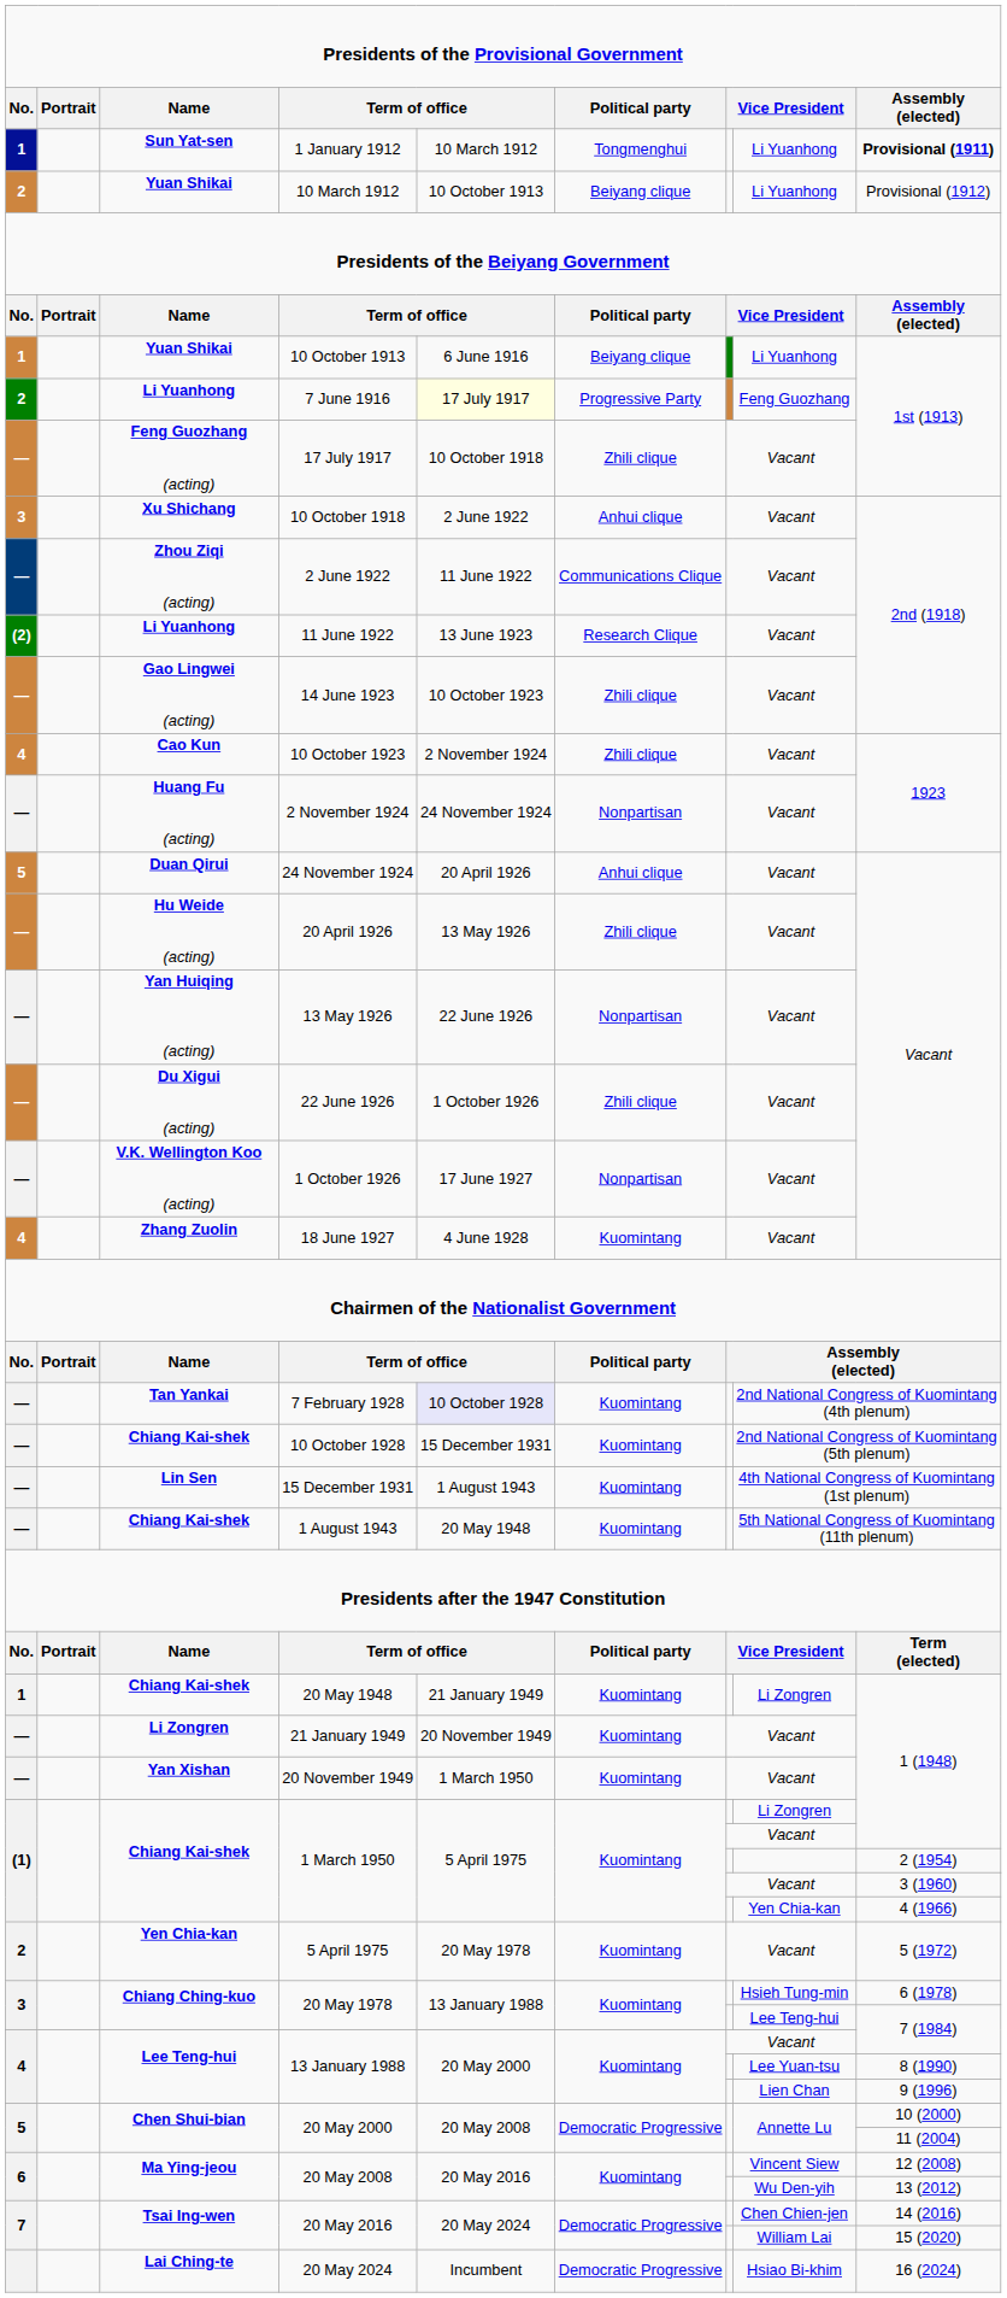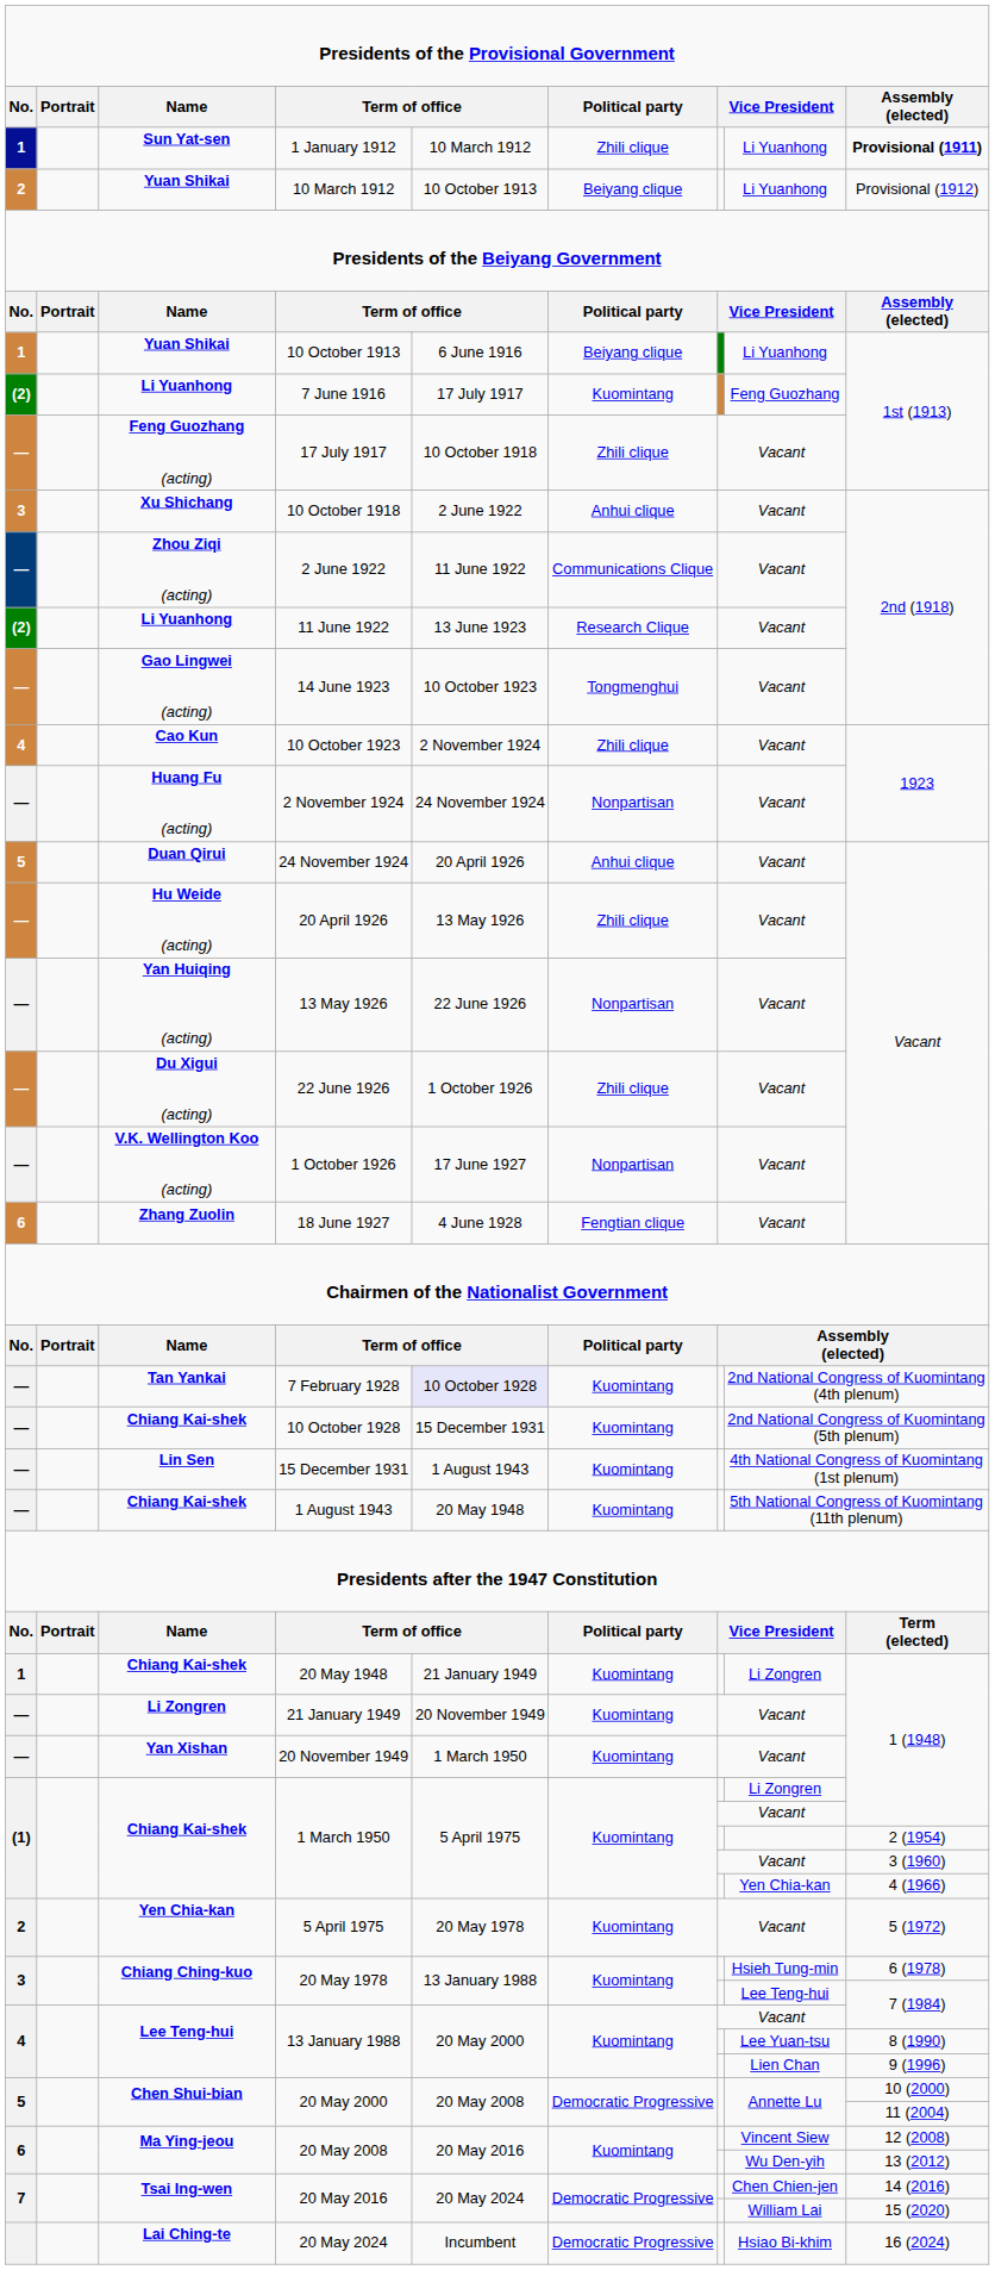 <table class="wikitable" style="margin:1em auto; text-align:center">
 <tr>
 <td colspan=9><br><h3>Presidents of the <a href='#'>Provisional Government</a></h3></td>
 </tr>
 <tr>
 <th>No.</th>
 <th>Portrait</th>
 <th width=18%>Name<br></th>
 <th colspan=2>Term of office</th>
 <th>Political party</th>
 <th colspan=2><a href='#'>Vice President</a></th>
 <th>Assembly<br>(elected)</th>
 </tr>
 <tr>
 <th style="background:#031096; color:white;">1</th>
 <td></td>
 <td align=center><strong><a href='#'>Sun Yat-sen</a></strong><br><br></td>
 <td>1 January 1912</td>
 <td>10 March 1912</td>
-<td><a href='#'>Tongmenghui</a></td>
+<td><a href='#'>Zhili clique</a></td>
 <td></td>
 <td><a href='#'>Li Yuanhong</a><br></td>
 <td align="center"><strong>Provisional (<a href='#'>1911</a>)</strong></td>
 </tr>
 <tr>
 <th style="background:#CD853F; color:white;">2</th>
 <td></td>
 <td align=center><strong><a href='#'>Yuan Shikai</a></strong><br><br></td>
 <td>10 March 1912</td>
 <td>10 October 1913</td>
 <td><a href='#'>Beiyang clique</a></td>
 <td></td>
 <td><a href='#'>Li Yuanhong</a><br></td>
 <td align="center">Provisional (<a href='#'>1912</a>)</td>
 </tr>
 <tr>
 <td colspan=9><br><h3>Presidents of the <a href='#'>Beiyang Government</a></h3></td>
 </tr>
 <tr>
 <th>No.</th>
 <th>Portrait</th>
 <th width=18%>Name<br></th>
 <th colspan=2>Term of office</th>
 <th>Political party</th>
 <th colspan=2><a href='#'>Vice President</a></th>
 <th><a href='#'>Assembly</a><br>(elected)</th>
 </tr>
 <tr>
 <th style="background:#CD853F; color:white;">1</th>
 <td></td>
 <td align=center><strong><a href='#'>Yuan Shikai</a></strong><br><br></td>
 <td>10 October 1913</td>
 <td>6 June 1916</td>
 <td><a href='#'>Beiyang clique</a></td>
 <td bgcolor=#008000></td>
 <td><a href='#'>Li Yuanhong</a><br></td>
 <td rowspan=3><a href='#'>1st</a> (<a href='#'>1913</a>)</td>
 </tr>
 <tr>
-<th style="background:#008000; color:white;">2</th>
+<th style="background:#008000; color:white;">(2)</th>
 <td></td>
 <td align=center><strong><a href='#'>Li Yuanhong</a></strong><br><br></td>
 <td>7 June 1916</td>
-<td style="background: lightyellow;">17 July 1917</td>
-<td><a href='#'>Progressive Party</a></td>
+<td>17 July 1917</td>
+<td><a href='#'>Kuomintang</a></td>
 <td bgcolor=#CD853F></td>
 <td><a href='#'>Feng Guozhang</a><br></td>
 </tr>
 <tr>
 <th style="background:#CD853F; color:white;">—</th>
 <td></td>
 <td align=center><strong><a href='#'>Feng Guozhang</a></strong><br><br><br><em>(acting)</em></td>
 <td>17 July 1917</td>
 <td>10 October 1918</td>
 <td><a href='#'>Zhili clique</a></td>
 <td colspan=2><em>Vacant</em></td>
 </tr>
 <tr>
 <th style="background:#CD853F; color:white;">3</th>
 <td></td>
 <td align=center><strong><a href='#'>Xu Shichang</a></strong><br><br></td>
 <td>10 October 1918</td>
 <td>2 June 1922</td>
 <td><a href='#'>Anhui clique</a></td>
 <td colspan=2><em>Vacant</em></td>
 <td rowspan=4><a href='#'>2nd</a> (<a href='#'>1918</a>)</td>
 </tr>
 <tr>
 <th style="background:#013C78; color:white;">—</th>
 <td></td>
 <td align=center><strong><a href='#'>Zhou Ziqi</a></strong><br><br><br><em>(acting)</em></td>
 <td>2 June 1922</td>
 <td>11 June 1922</td>
 <td><a href='#'>Communications Clique</a></td>
 <td colspan=2><em>Vacant</em></td>
 </tr>
 <tr>
 <th style="background:#008000; color:white;">(2)</th>
 <td></td>
 <td align=center><strong><a href='#'>Li Yuanhong</a></strong><br><br></td>
 <td>11 June 1922</td>
 <td>13 June 1923</td>
 <td><a href='#'>Research Clique</a></td>
 <td colspan=2><em>Vacant</em></td>
 </tr>
 <tr>
 <th style="background:#CD853F; color:white;">—</th>
 <td></td>
 <td align=center><strong><a href='#'>Gao Lingwei</a></strong><br><br><br><em>(acting)</em></td>
 <td>14 June 1923</td>
 <td>10 October 1923</td>
-<td><a href='#'>Zhili clique</a></td>
+<td><a href='#'>Tongmenghui</a></td>
 <td colspan=2><em>Vacant</em></td>
 </tr>
 <tr>
 <th style="background:#CD853F; color:white;">4</th>
 <td></td>
 <td align=center><strong><a href='#'>Cao Kun</a></strong><br><br></td>
 <td>10 October 1923</td>
 <td>2 November 1924</td>
 <td><a href='#'>Zhili clique</a></td>
 <td colspan=2><em>Vacant</em></td>
 <td rowspan=3><a href='#'>1923</a></td>
 </tr>
 <tr>
 <th style="background:">—</th>
 <td></td>
 <td align=center><strong><a href='#'>Huang Fu</a></strong><br><br><br><em>(acting)</em></td>
 <td>2 November 1924</td>
 <td>24 November 1924</td>
 <td><a href='#'>Nonpartisan</a></td>
 <td colspan=2><em>Vacant</em></td>
 </tr>
 <tr>
 <th rowspan=2 style="background:#CD853F; color:white;">5</th>
 <td rowspan=2></td>
 <td rowspan=2 align=center><strong><a href='#'>Duan Qirui</a></strong><br><br></td>
 <td rowspan=2>24 November 1924</td>
 <td rowspan=2>20 April 1926</td>
 <td rowspan=2><a href='#'>Anhui clique</a></td>
 <td rowspan=2 colspan=2><em>Vacant</em></td>
 </tr>
 <tr>
 <td rowspan=6><em>Vacant</em></td>
 </tr>
 <tr>
 <th style="background:#CD853F; color:white;">—</th>
 <td></td>
 <td><strong><a href='#'>Hu Weide</a></strong><br><br><br><em>(acting)</em></td>
 <td>20 April 1926</td>
 <td>13 May 1926</td>
 <td><a href='#'>Zhili clique</a></td>
 <td colspan=2><em>Vacant</em></td>
 </tr>
 <tr>
 <th style="background:">—</th>
 <td></td>
 <td><strong><a href='#'>Yan Huiqing<br></a></strong><br><br><br><em>(acting)</em></td>
 <td>13 May 1926</td>
 <td>22 June 1926</td>
 <td><a href='#'>Nonpartisan</a></td>
 <td colspan=2><em>Vacant</em></td>
 </tr>
 <tr>
 <th style="background:#CD853F; color:white;">—</th>
 <td></td>
 <td><strong><a href='#'>Du Xigui</a></strong><br><br><br><em>(acting)</em></td>
 <td>22 June 1926</td>
 <td>1 October 1926</td>
 <td><a href='#'>Zhili clique</a></td>
 <td colspan=2><em>Vacant</em></td>
 </tr>
 <tr>
 <th style="background:">—</th>
 <td></td>
 <td><strong><a href='#'>V.K. Wellington Koo</a></strong><br><br><br><em>(acting)</em></td>
 <td>1 October 1926</td>
 <td>17 June 1927</td>
 <td><a href='#'>Nonpartisan</a></td>
 <td colspan=2><em>Vacant</em></td>
 </tr>
 <tr>
-<th style="background:#CD853F; color:white;">4</th>
+<th style="background:#CD853F; color:white;">6</th>
 <td></td>
 <td align=center><strong><a href='#'>Zhang Zuolin</a></strong><br><br></td>
 <td>18 June 1927</td>
 <td>4 June 1928</td>
-<td><a href='#'>Kuomintang</a></td>
+<td><a href='#'>Fengtian clique</a></td>
 <td colspan=2><em>Vacant</em></td>
 </tr>
 <tr>
 <td colspan=9><br><h3>Chairmen of the <a href='#'>Nationalist Government</a></h3></td>
 </tr>
 <tr>
 <th>No.</th>
 <th>Portrait</th>
 <th width=18%>Name<br></th>
 <th colspan=2>Term of office</th>
 <th>Political party</th>
 <th colspan=3>Assembly<br>(elected)</th>
 </tr>
 <tr>
 <th style="background:">—</th>
 <td></td>
 <td align=center><strong><a href='#'>Tan Yankai</a></strong><br><br></td>
 <td>7 February 1928</td>
 <td style="background: lavender;">10 October 1928</td>
 <td><a href='#'>Kuomintang</a></td>
 <td></td>
 <td colspan=2><a href='#'>2nd National Congress of Kuomintang</a><br>(4th plenum)</td>
 </tr>
 <tr>
 <th style="background:">—</th>
 <td></td>
 <td align=center><strong><a href='#'>Chiang Kai-shek</a></strong><br><br></td>
 <td>10 October 1928</td>
 <td>15 December 1931</td>
 <td><a href='#'>Kuomintang</a></td>
 <td rowspan=2></td>
 <td colspan=2 rowspan=2><a href='#'>2nd National Congress of Kuomintang</a><br>(5th plenum)</td>
 </tr>
 <tr>
 <th rowspan=2 style="background:">—</th>
 <td rowspan=2></td>
 <td rowspan=2 align=center><strong><a href='#'>Lin Sen</a></strong><br><br></td>
 <td rowspan=2>15 December 1931</td>
 <td rowspan=2>1 August 1943</td>
 <td rowspan=2><a href='#'>Kuomintang</a></td>
 </tr>
 <tr>
 <td rowspan=2></td>
 <td rowspan=2 colspan=2><a href='#'>4th National Congress of Kuomintang</a><br>(1st plenum)</td>
 </tr>
 <tr>
 <th rowspan=2 style="background:">—</th>
 <td rowspan=2></td>
 <td rowspan=2 align=center><strong><a href='#'>Chiang Kai-shek</a></strong><br><br></td>
 <td rowspan=2>1 August 1943</td>
 <td rowspan=2>20 May 1948</td>
 <td rowspan=2><a href='#'>Kuomintang</a></td>
 </tr>
 <tr>
 <td></td>
 <td colspan=2><a href='#'>5th National Congress of Kuomintang</a><br>(11th plenum)</td>
 </tr>
 <tr>
 <td colspan=9><br><h3>Presidents after the 1947 Constitution</h3></td>
 </tr>
 <tr>
 <th>No.</th>
 <th>Portrait</th>
 <th width=18%>Name<br></th>
 <th colspan=2>Term of office</th>
 <th>Political party</th>
 <th colspan=2><a href='#'>Vice President</a></th>
 <th>Term<br>(elected)</th>
 </tr>
 <tr>
 <th style="background:">1</th>
 <td></td>
 <td><strong><a href='#'>Chiang Kai-shek</a></strong><br><br></td>
 <td>20 May 1948</td>
 <td>21 January 1949</td>
 <td><a href='#'>Kuomintang</a></td>
 <td></td>
 <td><a href='#'>Li Zongren</a> <br></td>
 <td rowspan=5>1 (<a href='#'>1948</a>)</td>
 </tr>
 <tr>
 <th style="background:">—</th>
 <td></td>
 <td><strong><a href='#'>Li Zongren</a></strong><br><br></td>
 <td>21 January 1949</td>
 <td>20 November 1949</td>
 <td><a href='#'>Kuomintang</a></td>
 <td colspan=2><em>Vacant</em></td>
 </tr>
 <tr>
 <th style="background:">—</th>
 <td></td>
 <td><strong><a href='#'>Yan Xishan</a></strong><br><br></td>
 <td>20 November 1949</td>
 <td>1 March 1950</td>
 <td><a href='#'>Kuomintang</a></td>
 <td colspan=2><em>Vacant</em></td>
 </tr>
 <tr>
 <th rowspan=7 style="background:">(1)</th>
 <td rowspan=7></td>
 <td rowspan=7 align=center><strong><a href='#'>Chiang Kai-shek</a></strong><br><br></td>
 <td rowspan=7>1 March 1950</td>
 <td rowspan=7>5 April 1975</td>
 <td rowspan=7><a href='#'>Kuomintang</a></td>
 <td></td>
 <td><a href='#'>Li Zongren</a><br></td>
 </tr>
 <tr>
 <td colspan=2><em>Vacant</em></td>
 </tr>
 <tr>
 <td rowspan=2></td>
 <td rowspan=2><br></td>
 <td>2 (<a href='#'>1954</a>)</td>
 </tr>
 <tr>
 <td rowspan=2>3 (<a href='#'>1960</a>)</td>
 </tr>
 <tr>
 <td colspan=2><em>Vacant</em></td>
 </tr>
 <tr>
 <td rowspan=2></td>
 <td rowspan=2><a href='#'>Yen Chia-kan</a><br></td>
 <td>4 (<a href='#'>1966</a>)</td>
 </tr>
 <tr>
 <td rowspan=2>5 (<a href='#'>1972</a>)</td>
 </tr>
 <tr>
 <th style="background:">2</th>
 <td></td>
 <td><strong><a href='#'>Yen Chia-kan</a></strong><br><br><br></td>
 <td>5 April 1975</td>
 <td>20 May 1978</td>
 <td><a href='#'>Kuomintang</a></td>
 <td colspan=2><em>Vacant</em></td>
 </tr>
 <tr>
 <th rowspan=2 style="background:">3</th>
 <td rowspan=2></td>
 <td rowspan=2 align=center><strong><a href='#'>Chiang Ching-kuo</a></strong><br><br></td>
 <td rowspan=2>20 May 1978</td>
 <td rowspan=2>13 January 1988</td>
 <td rowspan=2><a href='#'>Kuomintang</a></td>
 <td></td>
 <td><a href='#'>Hsieh Tung-min</a><br></td>
 <td>6 (<a href='#'>1978</a>)</td>
 </tr>
 <tr>
 <td></td>
 <td><a href='#'>Lee Teng-hui</a><br></td>
 <td rowspan=2>7 (<a href='#'>1984</a>)</td>
 </tr>
 <tr>
 <th rowspan=3 style="background:">4</th>
 <td rowspan=3></td>
 <td rowspan=3 align=center><strong><a href='#'>Lee Teng-hui</a></strong><br><br></td>
 <td rowspan=3>13 January 1988</td>
 <td rowspan=3>20 May 2000</td>
 <td rowspan=3><a href='#'>Kuomintang</a></td>
 <td colspan=2><em>Vacant</em></td>
 </tr>
 <tr>
 <td></td>
 <td><a href='#'>Lee Yuan-tsu</a><br></td>
 <td>8 (<a href='#'>1990</a>)</td>
 </tr>
 <tr>
 <td></td>
 <td><a href='#'>Lien Chan</a><br></td>
 <td>9 (<a href='#'>1996</a>)</td>
 </tr>
 <tr>
 <th rowspan=2 style="background:">5</th>
 <td rowspan=2></td>
 <td rowspan=2 align=center><strong><a href='#'>Chen Shui-bian</a></strong><br><br></td>
 <td rowspan=2>20 May 2000</td>
 <td rowspan=2>20 May 2008</td>
 <td rowspan=2><a href='#'>Democratic Progressive</a></td>
 <td rowspan=2></td>
 <td rowspan=2><a href='#'>Annette Lu</a><br></td>
 <td>10 (<a href='#'>2000</a>)</td>
 </tr>
 <tr>
 <td>11 (<a href='#'>2004</a>)</td>
 </tr>
 <tr>
 <th rowspan=2 style="background:">6</th>
 <td rowspan=2></td>
 <td rowspan=2 align=center><strong><a href='#'>Ma Ying-jeou</a></strong><br><br></td>
 <td rowspan=2>20 May 2008</td>
 <td rowspan=2>20 May 2016</td>
 <td rowspan=2><a href='#'>Kuomintang</a></td>
 <td></td>
 <td><a href='#'>Vincent Siew</a><br></td>
 <td>12 (<a href='#'>2008</a>)</td>
 </tr>
 <tr>
 <td></td>
 <td><a href='#'>Wu Den-yih</a> <br></td>
 <td>13 (<a href='#'>2012</a>)</td>
 </tr>
 <tr>
 <th rowspan=2 style="background:">7</th>
 <td rowspan=2></td>
 <td rowspan=2><strong><a href='#'>Tsai Ing-wen</a></strong><br><br></td>
 <td rowspan=2>20 May 2016</td>
 <td rowspan=2>20 May 2024</td>
 <td rowspan=2><a href='#'>Democratic Progressive</a></td>
 <td></td>
 <td><a href='#'>Chen Chien-jen</a><br></td>
 <td>14 (<a href='#'>2016</a>)</td>
 </tr>
 <tr>
 <td></td>
 <td><a href='#'>William Lai</a><br></td>
 <td>15 (<a href='#'>2020</a>)</td>
 </tr>
 <tr>
 <th style="background:"><a href='#'></a></th>
 <td></td>
 <td><strong><a href='#'>Lai Ching-te</a></strong><br><br></td>
 <td>20 May 2024</td>
 <td>Incumbent</td>
 <td><a href='#'>Democratic Progressive</a></td>
 <td></td>
 <td><a href='#'>Hsiao Bi-khim</a><br></td>
 <td>16 (<a href='#'>2024</a>)</td>
 </tr>
 </table>
